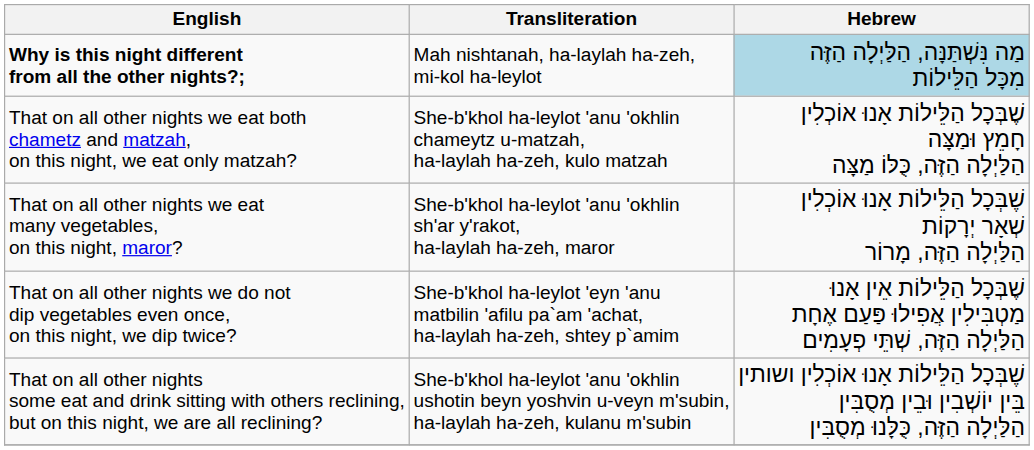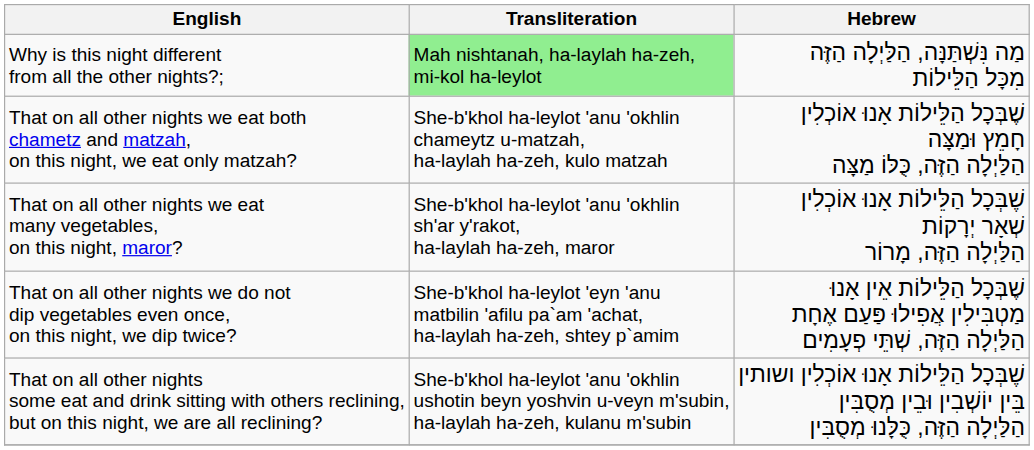 <table class="wikitable">
 <tr>
 <th>English</th>
 <th>Transliteration</th>
 <th>Hebrew</th>
 </tr>
 <tr>
-<td><strong>Why is this night different <br>from all the other nights?;</strong></td>
-<td>Mah nishtanah, ha-laylah ha-zeh,<br>mi-kol ha-leylot</td>
-<td align="right" style="background: lightblue;"><big>מַה נִּשְׁתַּנָּה, הַלַּיְלָה הַזֶּה<br>מִכָּל הַלֵּילוֹת</big></td>
+<td>Why is this night different <br>from all the other nights?;</td>
+<td style="background: lightgreen;">Mah nishtanah, ha-laylah ha-zeh,<br>mi-kol ha-leylot</td>
+<td align="right"><big>מַה נִּשְׁתַּנָּה, הַלַּיְלָה הַזֶּה<br>מִכָּל הַלֵּילוֹת</big></td>
 </tr>
 <tr>
 <td>That on all other nights we eat both <br><a href='#'>chametz</a> and <a href='#'>matzah</a>,<br>on this night, we eat only matzah?</td>
 <td>She-b'khol ha-leylot 'anu 'okhlin<br>chameytz u-matzah,<br>ha-laylah ha-zeh, kulo matzah</td>
 <td align="right"><big>שֶׁבְּכָל הַלֵּילוֹת אָנוּ אוֹכְלִין<br>חָמֵץ וּמַצָּה<br>הַלַּיְלָה הַזֶּה, כֻּלּוֹ מַצָּה</big></td>
 </tr>
 <tr>
 <td>That on all other nights we eat<br>many vegetables,<br>on this night, <a href='#'>maror</a>?</td>
 <td>She-b'khol ha-leylot 'anu 'okhlin<br>sh'ar y'rakot,<br>ha-laylah ha-zeh, maror</td>
 <td align="right"><big>שֶׁבְּכָל הַלֵּילוֹת אָנוּ אוֹכְלִין<br>שְׁאָר יְרָקוֹת<br>הַלַּיְלָה הַזֶּה, מָרוֹר</big></td>
 </tr>
 <tr>
 <td>That on all other nights we do not<br>dip vegetables even once,<br>on this night, we dip twice?</td>
 <td>She-b'khol ha-leylot 'eyn 'anu<br>matbilin 'afilu pa`am 'achat,<br>ha-laylah ha-zeh, shtey p`amim</td>
 <td align="right"><big>שֶׁבְּכָל הַלֵּילוֹת אֵין אָנוּ<br>מַטְבִּילִין אֲפִילוּ פַּעַם אֶחָת<br>הַלַּיְלָה הַזֶּה, שְׁתֵּי פְעָמִים</big></td>
 </tr>
 <tr>
 <td>That on all other nights <br>some eat and drink sitting with others reclining,<br>but on this night, we are all reclining?</td>
 <td>She-b'khol ha-leylot 'anu 'okhlin<br>ushotin beyn yoshvin u-veyn m'subin,<br>ha-laylah ha-zeh, kulanu m'subin</td>
 <td align="right"><big>שֶׁבְּכָל הַלֵּילוֹת אָנוּ אוֹכְלִין ושותין <br>בֵּין יוֹשְׁבִין וּבֵין מְסֻבִּין<br>הַלַּיְלָה הַזֶּה, כֻּלָּנוּ מְסֻבִּין</big></td>
 </tr>
 <tr>
 </tr>
 </table>
